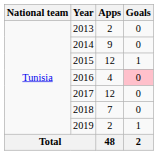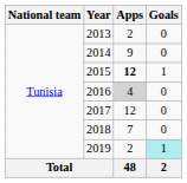 <table class="wikitable" style="text-align:center">
 <tr>
 <th>National team</th>
 <th>Year</th>
 <th>Apps</th>
 <th>Goals</th>
 </tr>
 <tr>
 <td rowspan="7"><a href='#'>Tunisia</a></td>
 <td>2013</td>
 <td>2</td>
 <td>0</td>
 </tr>
 <tr>
 <td>2014</td>
 <td>9</td>
 <td>0</td>
 </tr>
 <tr>
 <td>2015</td>
-<td>12</td>
+<td><strong>12</strong></td>
 <td>1</td>
 </tr>
 <tr>
 <td>2016</td>
-<td>4</td>
-<td style="background: pink;">0</td>
+<td style="background: lightgrey;">4</td>
+<td>0</td>
 </tr>
 <tr>
 <td>2017</td>
 <td>12</td>
 <td>0</td>
 </tr>
 <tr>
 <td>2018</td>
 <td>7</td>
 <td>0</td>
 </tr>
 <tr>
 <td>2019</td>
 <td>2</td>
-<td>1</td>
+<td style="background: paleturquoise;">1</td>
 </tr>
 <tr>
 <th colspan="2">Total</th>
 <th>48</th>
 <th>2</th>
 </tr>
 </table>
